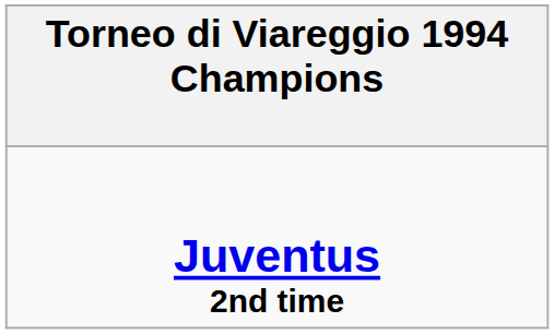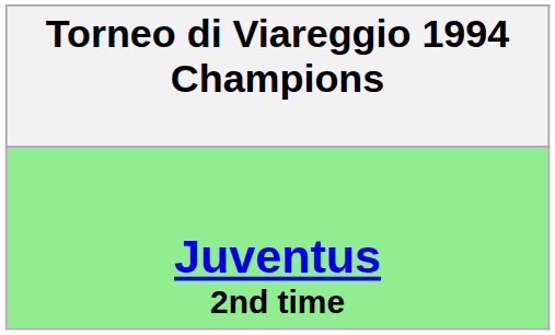 <table class="wikitable" style="margin: 0 auto; width: 30%;">
 <tr>
 <th><big>Torneo di Viareggio 1994 Champions</big><br><br></th>
 </tr>
 <tr>
-<td align=center><br><br><big><big><strong><a href='#'>Juventus</a></strong><br></big></big><strong>2nd time</strong></td>
+<td align=center style="background: lightgreen;"><br><br><big><big><strong><a href='#'>Juventus</a></strong><br></big></big><strong>2nd time</strong></td>
 </tr>
 </table>
